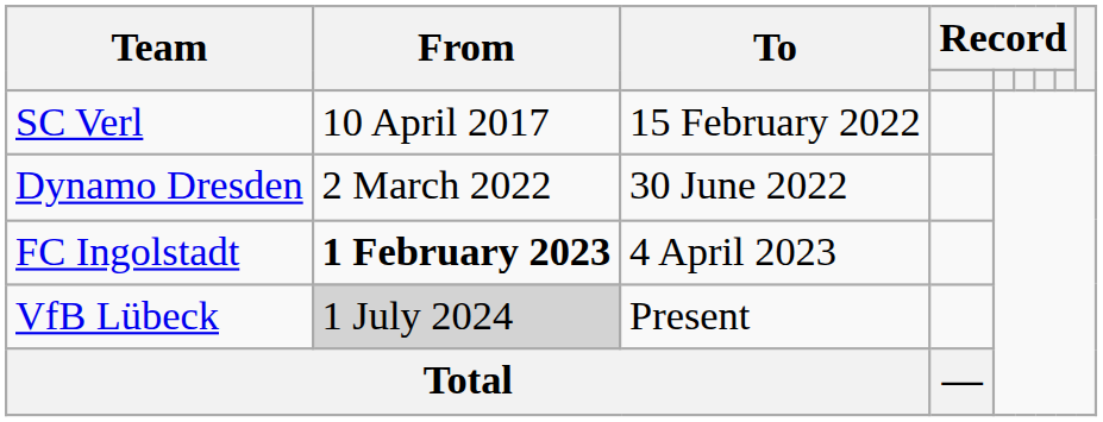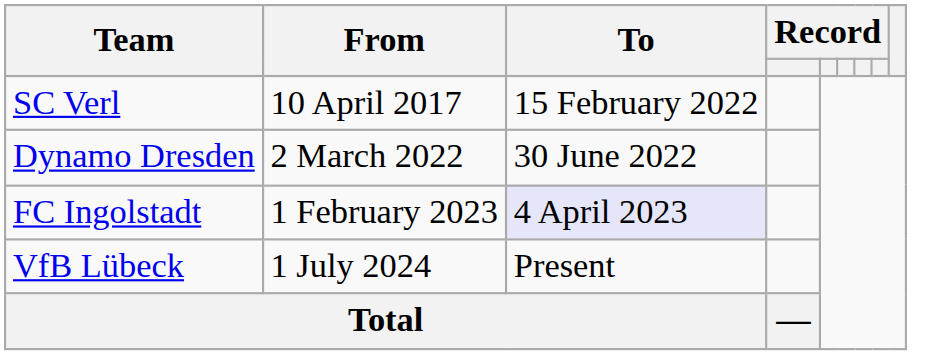 <table class="wikitable" style="text-align: center">
 <tr>
 <th rowspan="2">Team</th>
 <th rowspan="2">From</th>
 <th rowspan="2">To</th>
 <th colspan="5">Record</th>
 <th rowspan="2"></th>
 </tr>
 <tr>
 <th></th>
 <th></th>
 <th></th>
 <th></th>
 <th></th>
 </tr>
 <tr>
 <td align=left><a href='#'>SC Verl</a></td>
 <td align=left>10 April 2017</td>
 <td align=left>15 February 2022<br></td>
 <td></td>
 </tr>
 <tr>
 <td align=left><a href='#'>Dynamo Dresden</a></td>
 <td align=left>2 March 2022</td>
 <td align=left>30 June 2022<br></td>
 <td></td>
 </tr>
 <tr>
 <td align=left><a href='#'>FC Ingolstadt</a></td>
-<td align=left><strong>1 February 2023</strong></td>
-<td align=left>4 April 2023<br></td>
+<td align=left>1 February 2023</td>
+<td align=left style="background: lavender;">4 April 2023<br></td>
 <td></td>
 </tr>
 <tr>
 <td align=left><a href='#'>VfB Lübeck</a></td>
-<td align=left style="background: lightgrey;">1 July 2024</td>
+<td align=left>1 July 2024</td>
 <td align=left>Present<br></td>
 <td></td>
 </tr>
 <tr>
 <th colspan="3">Total<br></th>
 <th>—</th>
 </tr>
 </table>
